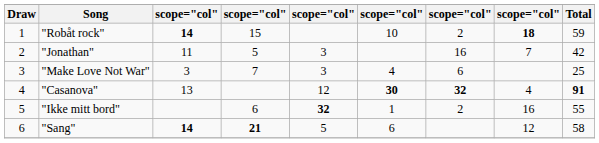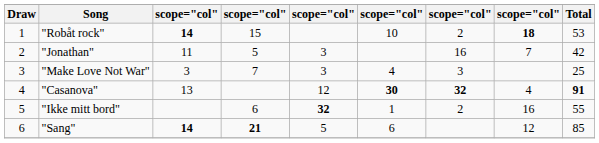 <table class="wikitable plainrowheaders" style="margin: 1em auto 1em auto; text-align:center;">
 <tr>
 </tr>
 <tr>
 <th scope="col">Draw</th>
 <th scope="col">Song</th>
 <th>scope="col" </th>
 <th>scope="col" </th>
 <th>scope="col" </th>
 <th>scope="col" </th>
 <th>scope="col" </th>
 <th>scope="col" </th>
 <th scope="col">Total</th>
 </tr>
 <tr>
 <td>1</td>
 <td align="left">"Robåt rock"</td>
 <td><strong>14</strong></td>
 <td>15</td>
 <td></td>
 <td>10</td>
 <td>2</td>
 <td><strong>18</strong></td>
-<td>59</td>
+<td>53</td>
 </tr>
 <tr>
 <td>2</td>
 <td align="left">"Jonathan"</td>
 <td>11</td>
 <td>5</td>
 <td>3</td>
 <td></td>
 <td>16</td>
 <td>7</td>
 <td>42</td>
 </tr>
 <tr>
 <td>3</td>
 <td align="left">"Make Love Not War"</td>
 <td>3</td>
 <td>7</td>
 <td>3</td>
 <td>4</td>
-<td>6</td>
+<td>3</td>
 <td></td>
 <td>25</td>
 </tr>
 <tr>
 <td>4</td>
 <td align="left">"Casanova"</td>
 <td>13</td>
 <td></td>
 <td>12</td>
 <td><strong>30</strong></td>
 <td><strong>32</strong></td>
 <td>4</td>
 <td><strong>91</strong></td>
 </tr>
 <tr>
 <td>5</td>
 <td align="left">"Ikke mitt bord"</td>
 <td></td>
 <td>6</td>
 <td><strong>32</strong></td>
 <td>1</td>
 <td>2</td>
 <td>16</td>
 <td>55</td>
 </tr>
 <tr>
 <td>6</td>
 <td align="left">"Sang"</td>
 <td><strong>14</strong></td>
 <td><strong>21</strong></td>
 <td>5</td>
 <td>6</td>
 <td></td>
 <td>12</td>
-<td>58</td>
+<td>85</td>
 </tr>
 <tr>
 </tr>
 </table>
